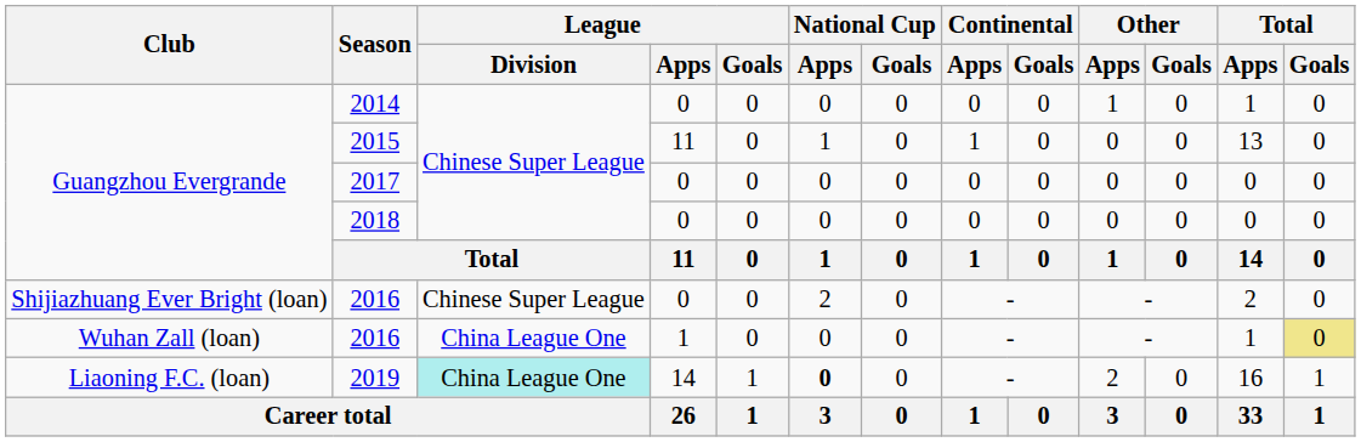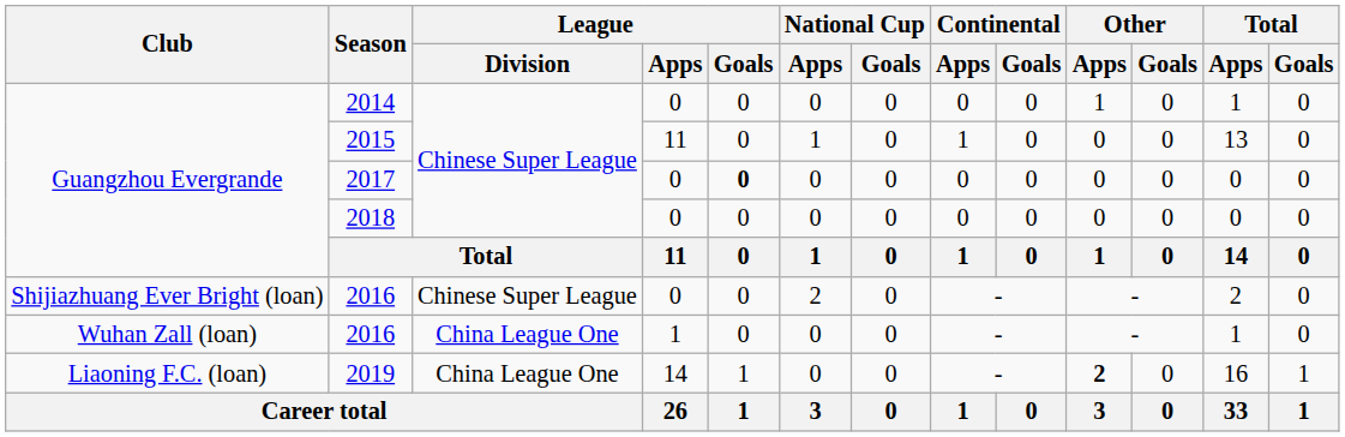 <table class="wikitable" style="text-align: center">
 <tr>
 <th rowspan="2">Club</th>
 <th rowspan="2">Season</th>
 <th colspan="3">League</th>
 <th colspan="2">National Cup</th>
 <th colspan="2">Continental</th>
 <th colspan="2">Other</th>
 <th colspan="2">Total</th>
 </tr>
 <tr>
 <th>Division</th>
 <th>Apps</th>
 <th>Goals</th>
 <th>Apps</th>
 <th>Goals</th>
 <th>Apps</th>
 <th>Goals</th>
 <th>Apps</th>
 <th>Goals</th>
 <th>Apps</th>
 <th>Goals</th>
 </tr>
 <tr>
 <td rowspan=5><a href='#'>Guangzhou Evergrande</a></td>
 <td><a href='#'>2014</a></td>
 <td rowspan=4><a href='#'>Chinese Super League</a></td>
 <td>0</td>
 <td>0</td>
 <td>0</td>
 <td>0</td>
 <td>0</td>
 <td>0</td>
 <td>1</td>
 <td>0</td>
 <td>1</td>
 <td>0</td>
 </tr>
 <tr>
 <td><a href='#'>2015</a></td>
 <td>11</td>
 <td>0</td>
 <td>1</td>
 <td>0</td>
 <td>1</td>
 <td>0</td>
 <td>0</td>
 <td>0</td>
 <td>13</td>
 <td>0</td>
 </tr>
 <tr>
 <td><a href='#'>2017</a></td>
 <td>0</td>
-<td>0</td>
+<td><strong>0</strong></td>
 <td>0</td>
 <td>0</td>
 <td>0</td>
 <td>0</td>
 <td>0</td>
 <td>0</td>
 <td>0</td>
 <td>0</td>
 </tr>
 <tr>
 <td><a href='#'>2018</a></td>
 <td>0</td>
 <td>0</td>
 <td>0</td>
 <td>0</td>
 <td>0</td>
 <td>0</td>
 <td>0</td>
 <td>0</td>
 <td>0</td>
 <td>0</td>
 </tr>
 <tr>
 <th colspan="2"><strong>Total</strong></th>
 <th>11</th>
 <th>0</th>
 <th>1</th>
 <th>0</th>
 <th>1</th>
 <th>0</th>
 <th>1</th>
 <th>0</th>
 <th>14</th>
 <th>0</th>
 </tr>
 <tr>
 <td><a href='#'>Shijiazhuang Ever Bright</a> (loan)</td>
 <td><a href='#'>2016</a></td>
 <td>Chinese Super League</td>
 <td>0</td>
 <td>0</td>
 <td>2</td>
 <td>0</td>
 <td colspan="2">-</td>
 <td colspan="2">-</td>
 <td>2</td>
 <td>0</td>
 </tr>
 <tr>
 <td><a href='#'>Wuhan Zall</a> (loan)</td>
 <td><a href='#'>2016</a></td>
 <td><a href='#'>China League One</a></td>
 <td>1</td>
 <td>0</td>
 <td>0</td>
 <td>0</td>
 <td colspan="2">-</td>
 <td colspan="2">-</td>
 <td>1</td>
-<td style="background: khaki;">0</td>
+<td>0</td>
 </tr>
 <tr>
 <td><a href='#'>Liaoning F.C.</a> (loan)</td>
 <td><a href='#'>2019</a></td>
-<td style="background: paleturquoise;">China League One</td>
+<td>China League One</td>
 <td>14</td>
 <td>1</td>
-<td><strong>0</strong></td>
+<td>0</td>
 <td>0</td>
 <td colspan="2">-</td>
-<td>2</td>
+<td><strong>2</strong></td>
 <td>0</td>
 <td>16</td>
 <td>1</td>
 </tr>
 <tr>
 <th colspan=3>Career total</th>
 <th>26</th>
 <th>1</th>
 <th>3</th>
 <th>0</th>
 <th>1</th>
 <th>0</th>
 <th>3</th>
 <th>0</th>
 <th>33</th>
 <th>1</th>
 </tr>
 </table>
